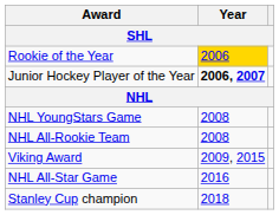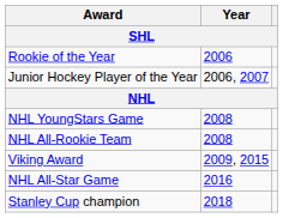 <table class="wikitable">
 <tr>
 <th>Award</th>
 <th>Year</th>
 <th></th>
 </tr>
 <tr>
 <th colspan="3"><a href='#'>SHL</a></th>
 </tr>
 <tr>
 <td><a href='#'>Rookie of the Year</a></td>
-<td style="background: gold;"><a href='#'>2006</a></td>
+<td><a href='#'>2006</a></td>
 <td></td>
 </tr>
 <tr>
 <td>Junior Hockey Player of the Year</td>
-<td><strong>2006, <a href='#'>2007</a></strong></td>
+<td>2006, <a href='#'>2007</a></td>
 <td></td>
 </tr>
 <tr>
 <th colspan="3"><a href='#'>NHL</a></th>
 </tr>
 <tr>
 <td><a href='#'>NHL YoungStars Game</a></td>
 <td><a href='#'>2008</a></td>
 <td></td>
 </tr>
 <tr>
 <td><a href='#'>NHL All-Rookie Team</a></td>
 <td><a href='#'>2008</a></td>
 <td></td>
 </tr>
 <tr>
 <td><a href='#'>Viking Award</a></td>
 <td><a href='#'>2009</a>, <a href='#'>2015</a></td>
 <td></td>
 </tr>
 <tr>
 <td><a href='#'>NHL All-Star Game</a></td>
 <td><a href='#'>2016</a></td>
 <td></td>
 </tr>
 <tr>
 <td><a href='#'>Stanley Cup</a> champion</td>
 <td><a href='#'>2018</a></td>
 <td></td>
 </tr>
 </table>
